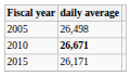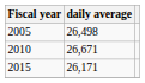 <table class="wikitable">
 <tr>
 <th>Fiscal year</th>
 <th>daily average</th>
 <th></th>
 </tr>
 <tr>
 <td>2005</td>
 <td>26,498</td>
 <td></td>
 </tr>
 <tr>
 <td>2010</td>
-<td><strong>26,671</strong></td>
+<td>26,671</td>
 <td></td>
 </tr>
 <tr>
 <td>2015</td>
 <td>26,171</td>
 <td></td>
 </tr>
 <tr>
 </tr>
 </table>
